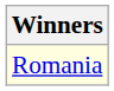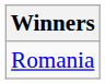 <table class=wikitable style="text-align:center; margin:auto">
 <tr>
 <th>Winners</th>
 </tr>
 <tr>
-<td style="background: lightyellow;"> <a href='#'>Romania</a></td>
+<td> <a href='#'>Romania</a></td>
 </tr>
 </table>
